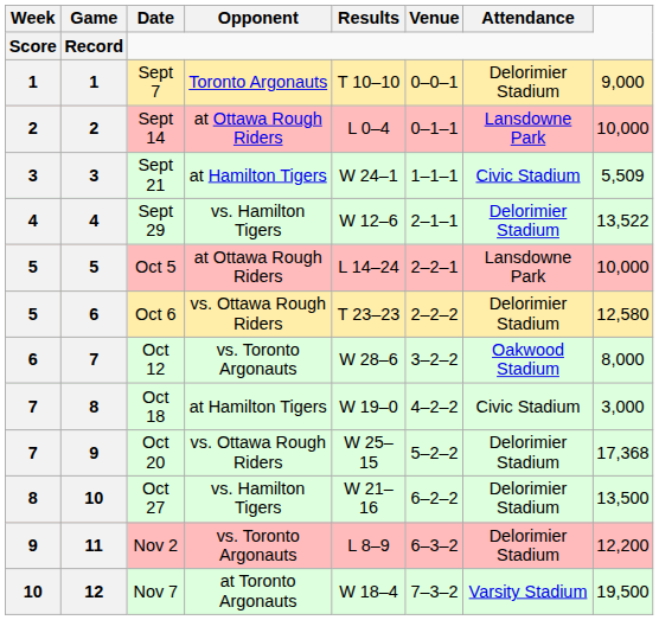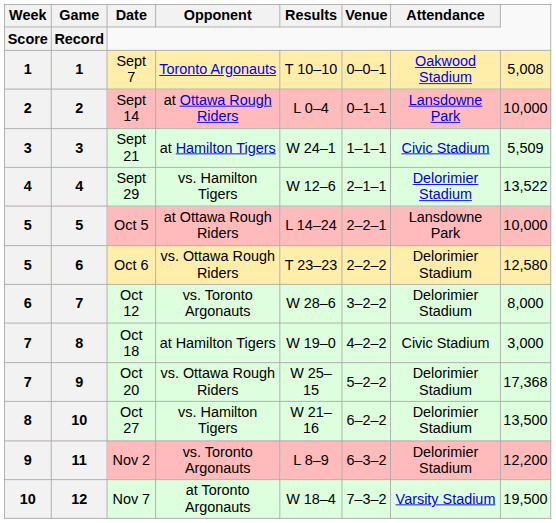 <table class="wikitable" style="text-align:center">
 <tr>
 <th>Week</th>
 <th>Game</th>
 <th>Date</th>
 <th>Opponent</th>
 <th>Results</th>
 <th>Venue</th>
 <th>Attendance</th>
 </tr>
 <tr>
 <th>Score</th>
 <th>Record</th>
 </tr>
 <tr style="background:#ffeeaa">
 <th>1</th>
 <th>1</th>
 <td>Sept 7</td>
 <td><a href='#'>Toronto Argonauts</a></td>
 <td>T 10–10</td>
 <td>0–0–1</td>
-<td>Delorimier Stadium</td>
-<td>9,000</td>
+<td><a href='#'>Oakwood Stadium</a></td>
+<td>5,008</td>
 </tr>
 <tr style="background:#ffbbbb">
 <th>2</th>
 <th>2</th>
 <td>Sept 14</td>
 <td>at <a href='#'>Ottawa Rough Riders</a></td>
 <td>L 0–4</td>
 <td>0–1–1</td>
 <td><a href='#'>Lansdowne Park</a></td>
 <td>10,000</td>
 </tr>
 <tr style="background:#ddffdd">
 <th>3</th>
 <th>3</th>
 <td>Sept 21</td>
 <td>at <a href='#'>Hamilton Tigers</a></td>
 <td>W 24–1</td>
 <td>1–1–1</td>
 <td><a href='#'>Civic Stadium</a></td>
 <td>5,509</td>
 </tr>
 <tr style="background:#ddffdd">
 <th>4</th>
 <th>4</th>
 <td>Sept 29</td>
 <td>vs. Hamilton Tigers</td>
 <td>W 12–6</td>
 <td>2–1–1</td>
 <td><a href='#'>Delorimier Stadium</a></td>
 <td>13,522</td>
 </tr>
 <tr style="background:#ffbbbb">
 <th>5</th>
 <th>5</th>
 <td>Oct 5</td>
 <td>at Ottawa Rough Riders</td>
 <td>L 14–24</td>
 <td>2–2–1</td>
 <td>Lansdowne Park</td>
 <td>10,000</td>
 </tr>
 <tr style="background:#ffeeaa">
 <th>5</th>
 <th>6</th>
 <td>Oct 6</td>
 <td>vs. Ottawa Rough Riders</td>
 <td>T 23–23</td>
 <td>2–2–2</td>
 <td>Delorimier Stadium</td>
 <td>12,580</td>
 </tr>
 <tr style="background:#ddffdd">
 <th>6</th>
 <th>7</th>
 <td>Oct 12</td>
 <td>vs. Toronto Argonauts</td>
 <td>W 28–6</td>
 <td>3–2–2</td>
-<td><a href='#'>Oakwood Stadium</a></td>
+<td>Delorimier Stadium</td>
 <td>8,000</td>
 </tr>
 <tr style="background:#ddffdd">
 <th>7</th>
 <th>8</th>
 <td>Oct 18</td>
 <td>at Hamilton Tigers</td>
 <td>W 19–0</td>
 <td>4–2–2</td>
 <td>Civic Stadium</td>
 <td>3,000</td>
 </tr>
 <tr style="background:#ddffdd">
 <th>7</th>
 <th>9</th>
 <td>Oct 20</td>
 <td>vs. Ottawa Rough Riders</td>
 <td>W 25–15</td>
 <td>5–2–2</td>
 <td>Delorimier Stadium</td>
 <td>17,368</td>
 </tr>
 <tr style="background:#ddffdd">
 <th>8</th>
 <th>10</th>
 <td>Oct 27</td>
 <td>vs. Hamilton Tigers</td>
 <td>W 21–16</td>
 <td>6–2–2</td>
 <td>Delorimier Stadium</td>
 <td>13,500</td>
 </tr>
 <tr style="background:#ffbbbb">
 <th>9</th>
 <th>11</th>
 <td>Nov 2</td>
 <td>vs. Toronto Argonauts</td>
 <td>L 8–9</td>
 <td>6–3–2</td>
 <td>Delorimier Stadium</td>
 <td>12,200</td>
 </tr>
 <tr style="background:#ddffdd">
 <th>10</th>
 <th>12</th>
 <td>Nov 7</td>
 <td>at Toronto Argonauts</td>
 <td>W 18–4</td>
 <td>7–3–2</td>
 <td><a href='#'>Varsity Stadium</a></td>
 <td>19,500</td>
 </tr>
 </table>
